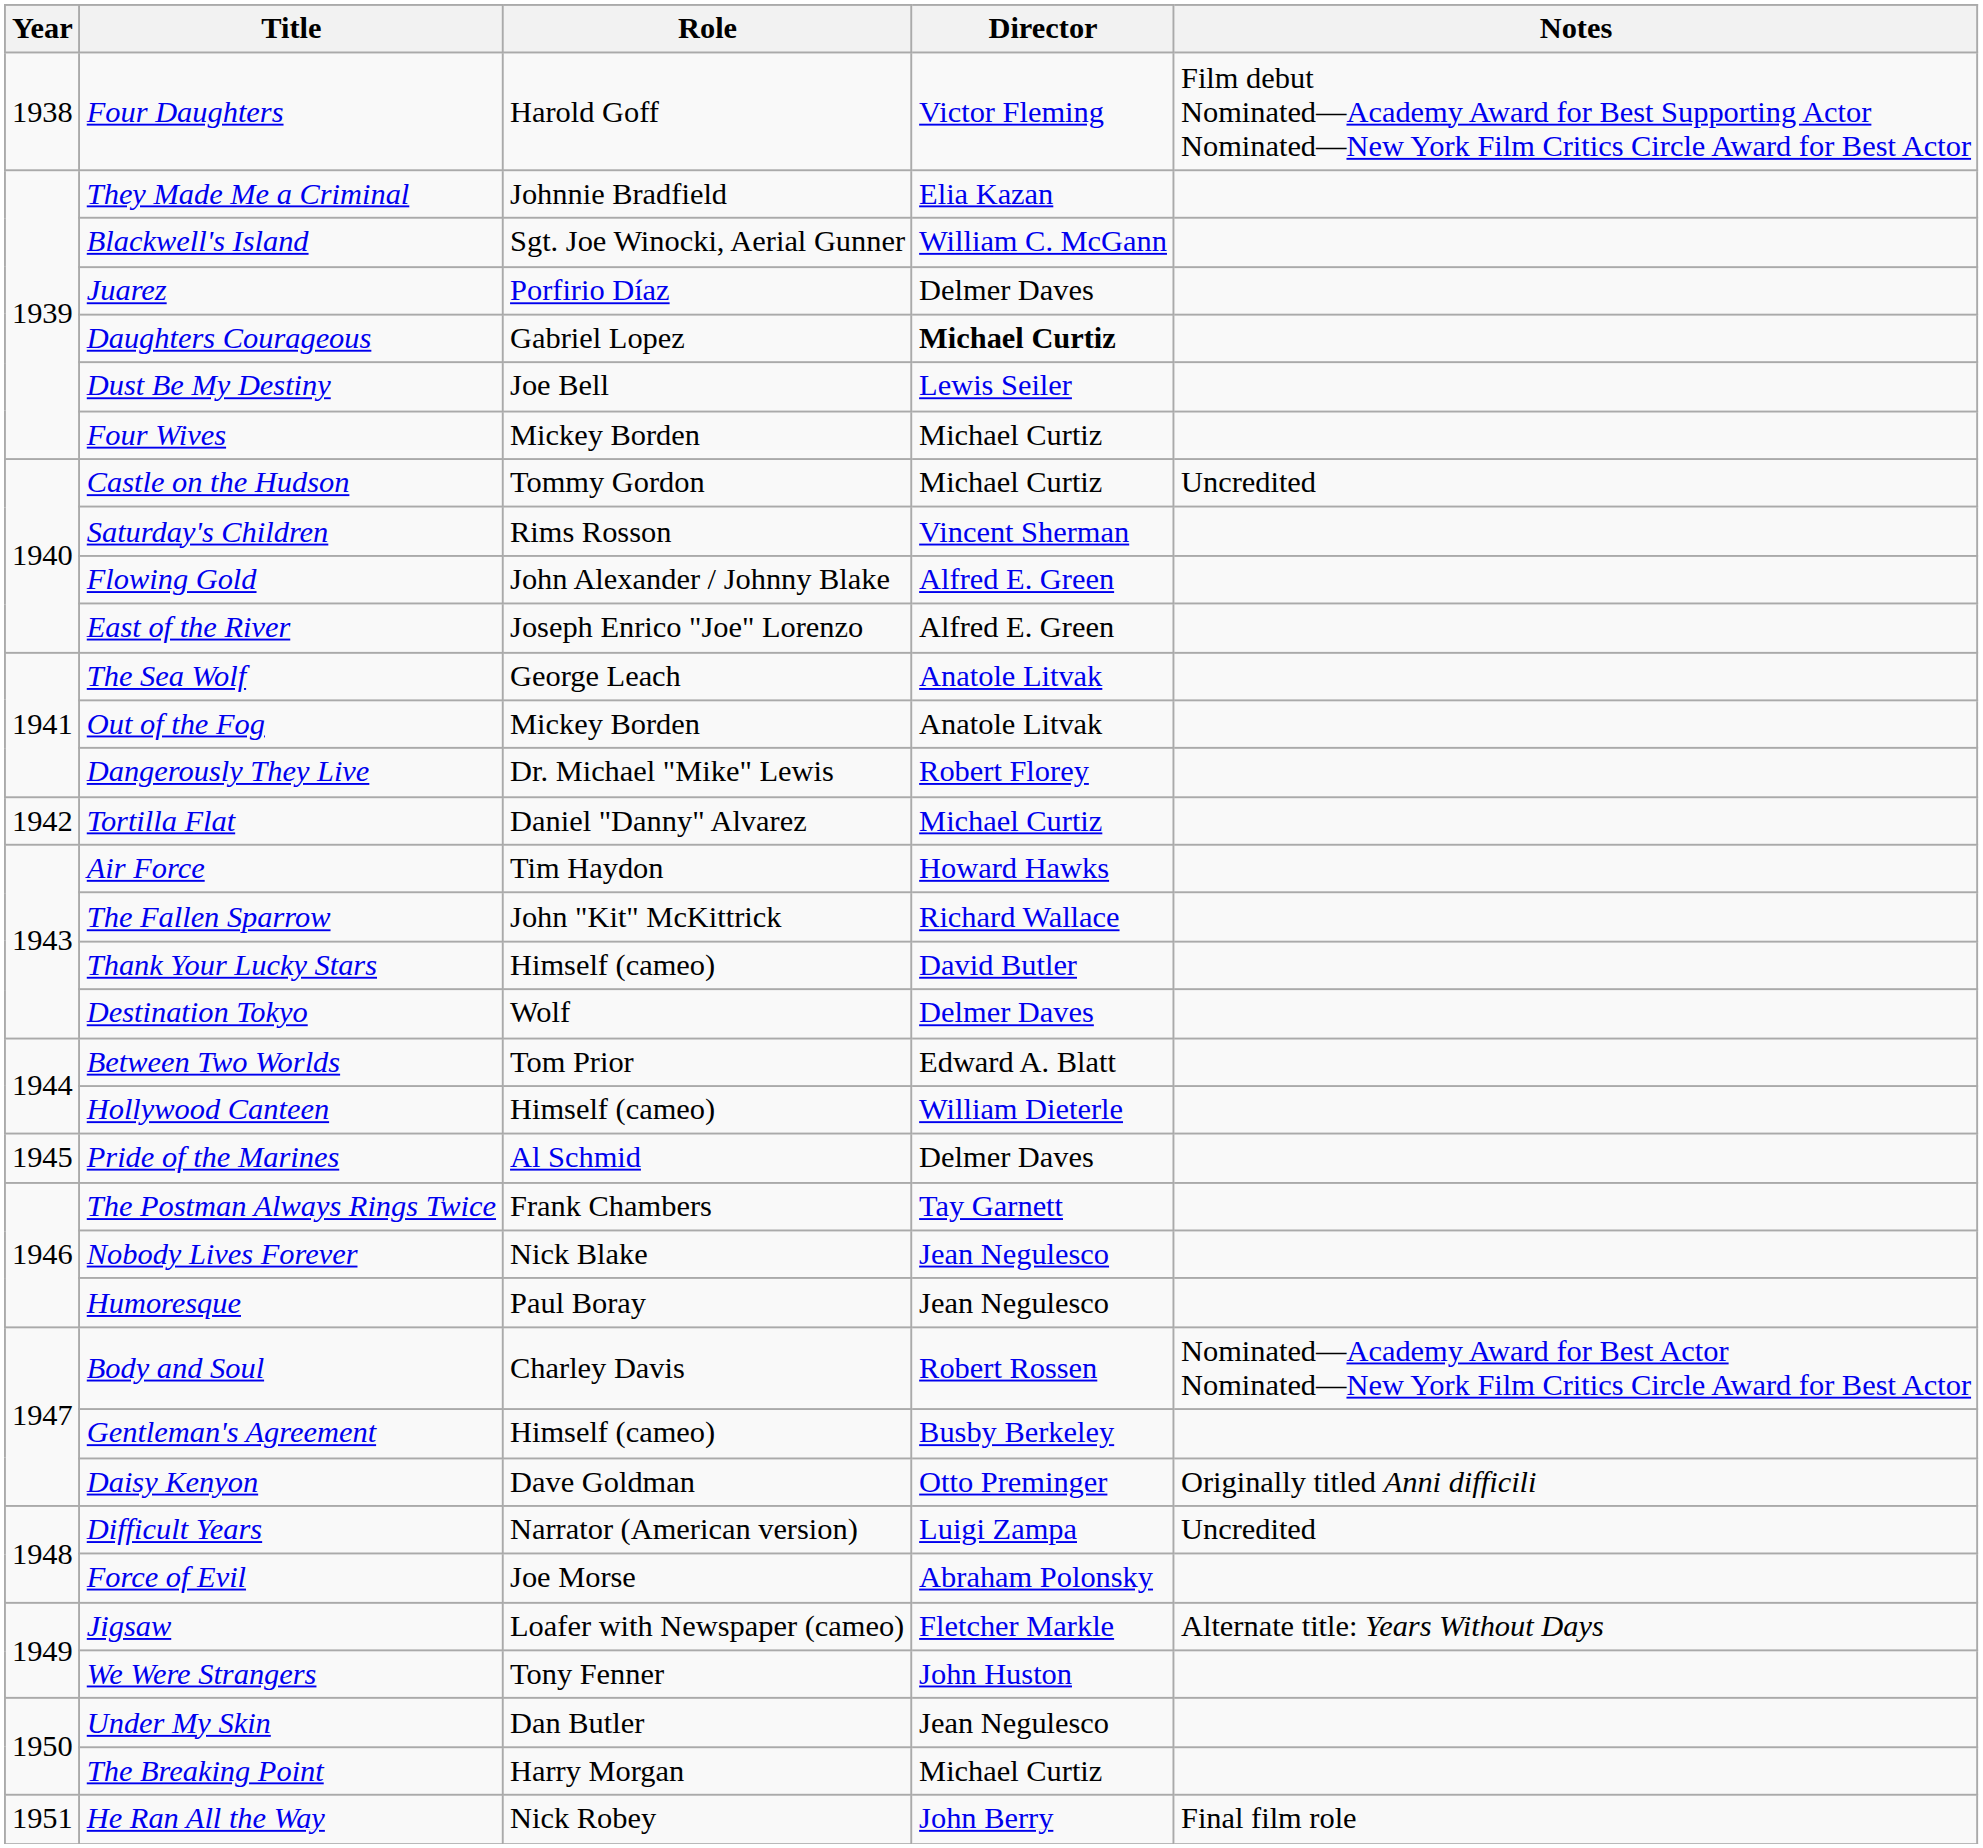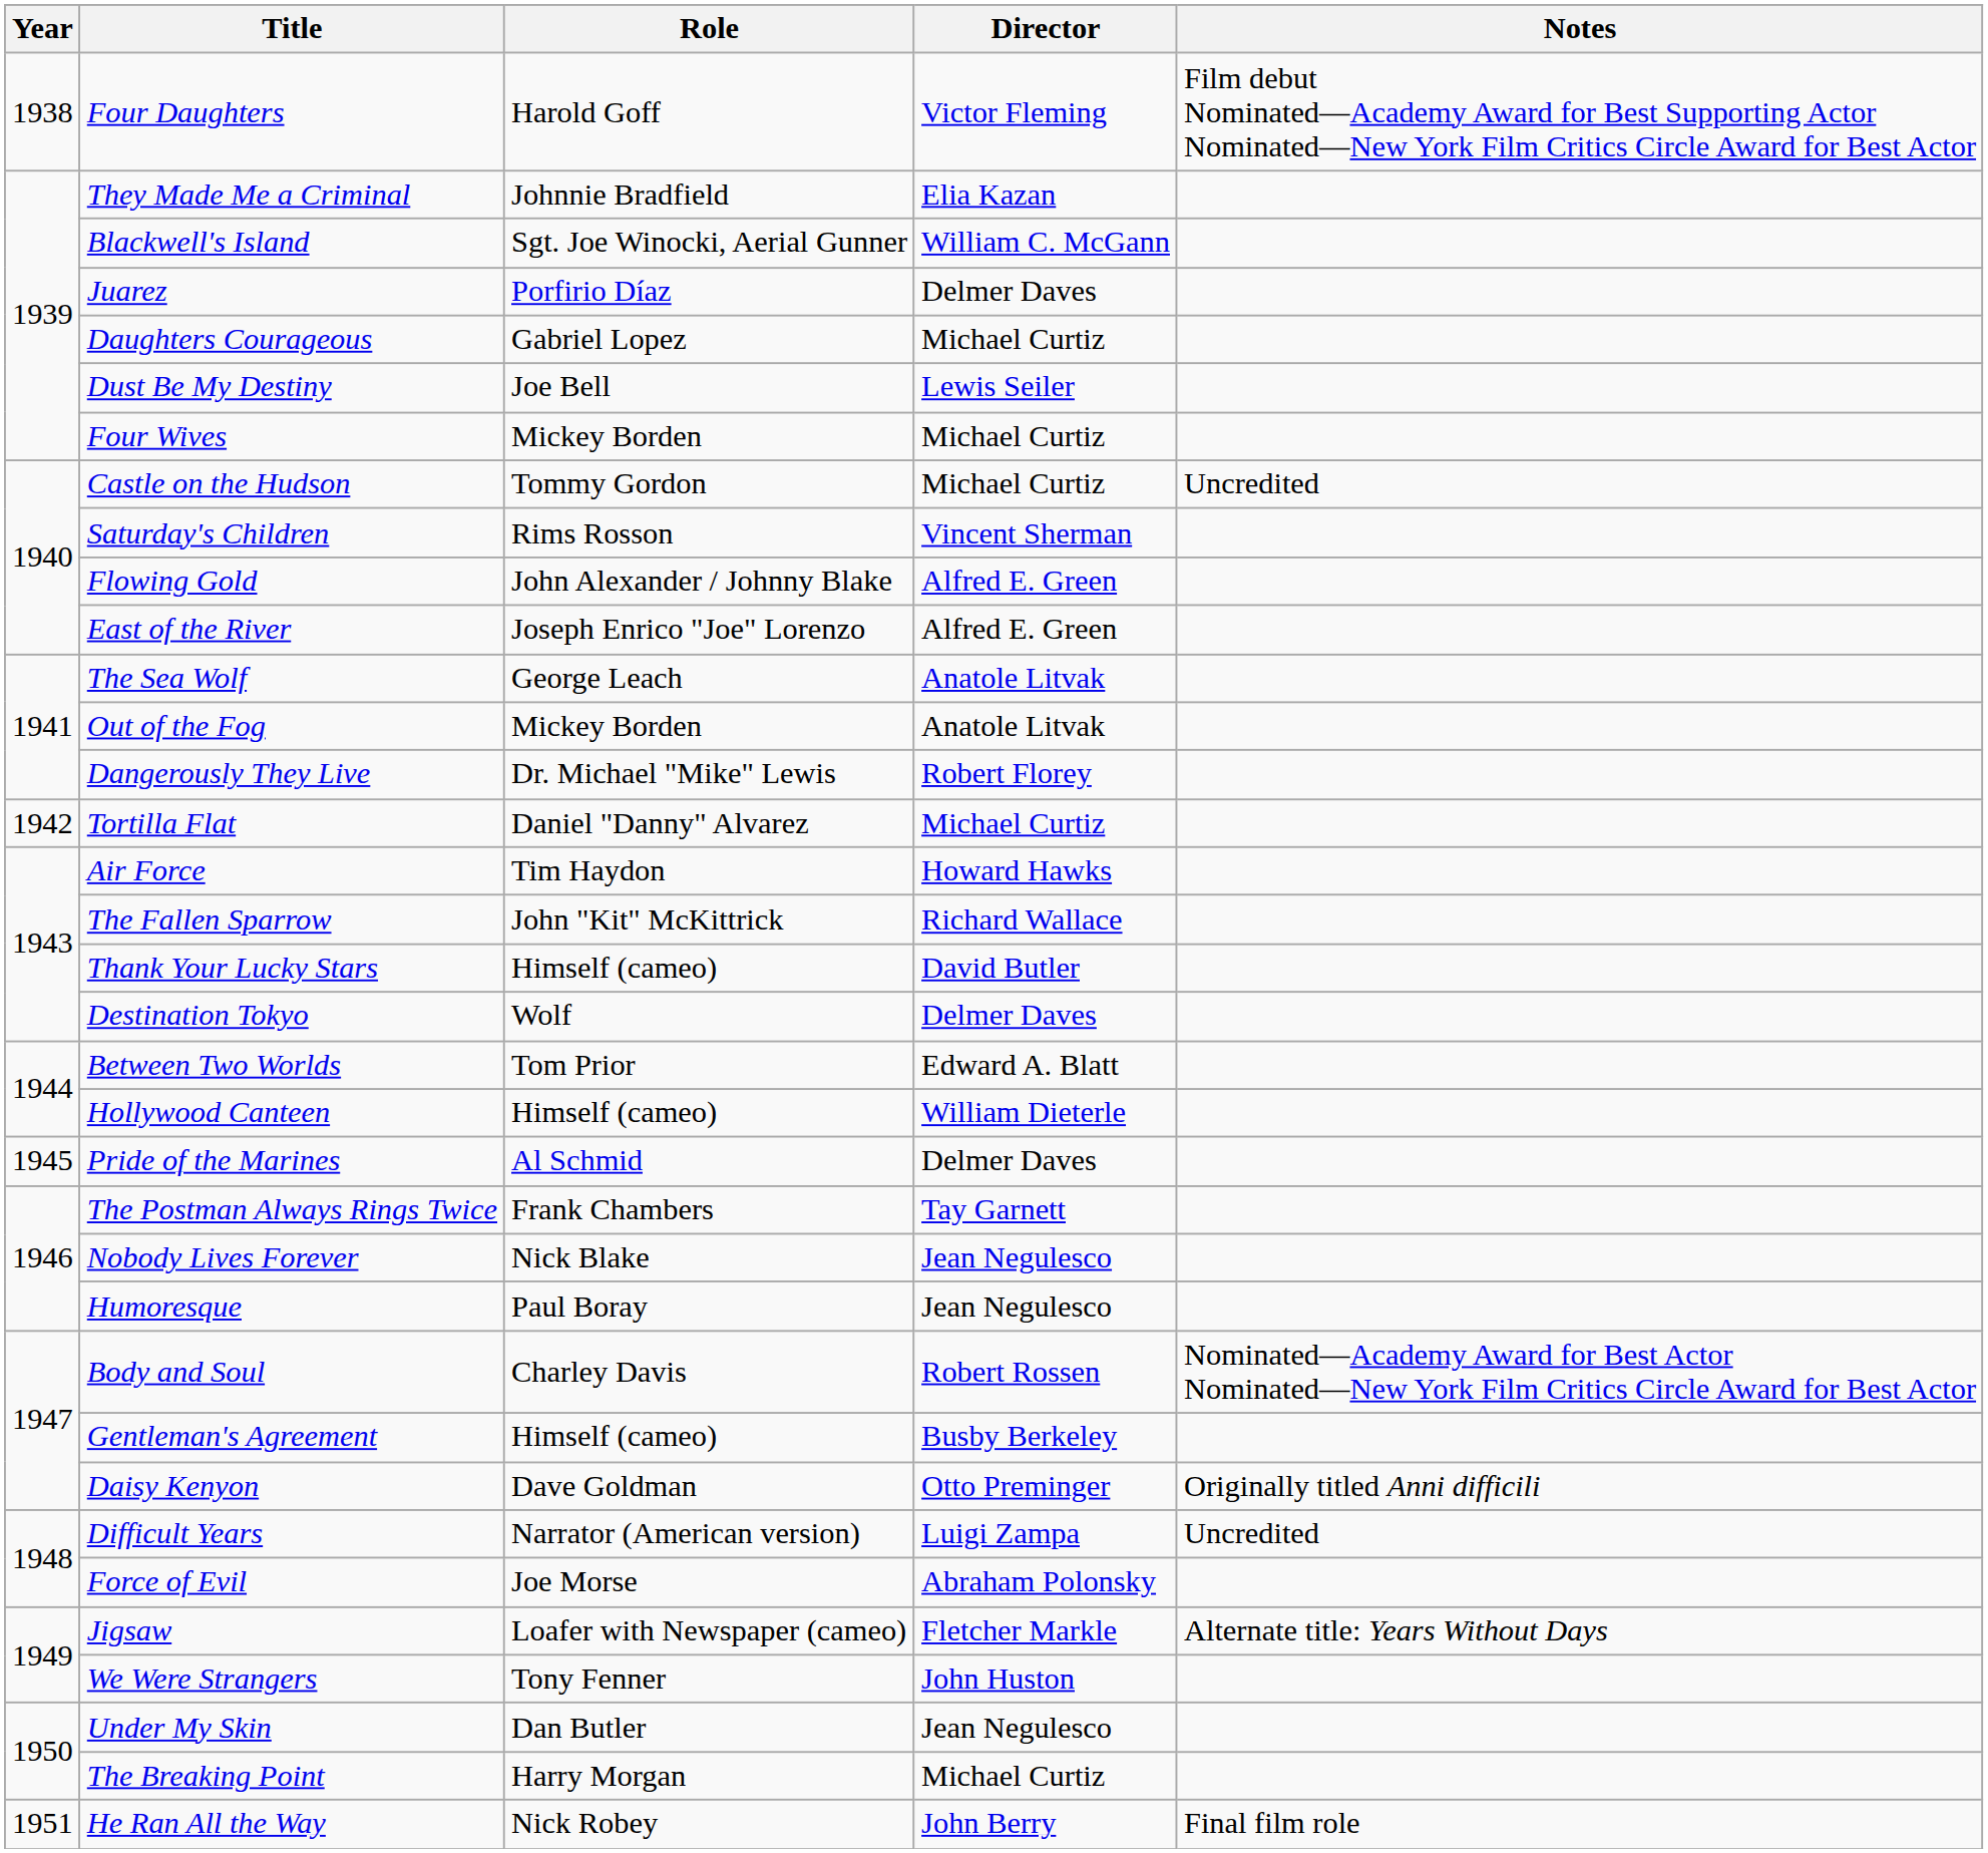 <table class="wikitable">
 <tr>
 <th>Year</th>
 <th>Title</th>
 <th>Role</th>
 <th>Director</th>
 <th>Notes</th>
 </tr>
 <tr>
 <td>1938</td>
 <td><em><a href='#'>Four Daughters</a></em></td>
 <td>Harold Goff</td>
 <td><a href='#'>Victor Fleming</a></td>
 <td>Film debut <br> Nominated—<a href='#'>Academy Award for Best Supporting Actor</a> <br> Nominated—<a href='#'>New York Film Critics Circle Award for Best Actor</a></td>
 </tr>
 <tr>
 <td rowspan="6">1939</td>
 <td><em><a href='#'>They Made Me a Criminal</a></em></td>
 <td>Johnnie Bradfield</td>
 <td><a href='#'>Elia Kazan</a></td>
 <td></td>
 </tr>
 <tr>
 <td><em><a href='#'>Blackwell's Island</a></em></td>
 <td>Sgt. Joe Winocki, Aerial Gunner</td>
 <td><a href='#'>William C. McGann</a></td>
 <td></td>
 </tr>
 <tr>
 <td><em><a href='#'>Juarez</a></em></td>
 <td><a href='#'>Porfirio Díaz</a></td>
 <td>Delmer Daves</td>
 <td></td>
 </tr>
 <tr>
 <td><em><a href='#'>Daughters Courageous</a></em></td>
 <td>Gabriel Lopez</td>
-<td><strong>Michael Curtiz</strong></td>
+<td>Michael Curtiz</td>
 <td></td>
 </tr>
 <tr>
 <td><em><a href='#'>Dust Be My Destiny</a></em></td>
 <td>Joe Bell</td>
 <td><a href='#'>Lewis Seiler</a></td>
 <td></td>
 </tr>
 <tr>
 <td><em><a href='#'>Four Wives</a></em></td>
 <td>Mickey Borden</td>
 <td>Michael Curtiz</td>
 <td></td>
 </tr>
 <tr>
 <td rowspan="4">1940</td>
 <td><em><a href='#'>Castle on the Hudson</a></em></td>
 <td>Tommy Gordon</td>
 <td>Michael Curtiz</td>
 <td>Uncredited</td>
 </tr>
 <tr>
 <td><em><a href='#'>Saturday's Children</a></em></td>
 <td>Rims Rosson</td>
 <td><a href='#'>Vincent Sherman</a></td>
 <td></td>
 </tr>
 <tr>
 <td><em><a href='#'>Flowing Gold</a></em></td>
 <td>John Alexander / Johnny Blake</td>
 <td><a href='#'>Alfred E. Green</a></td>
 <td></td>
 </tr>
 <tr>
 <td><em><a href='#'>East of the River</a></em></td>
 <td>Joseph Enrico "Joe" Lorenzo</td>
 <td>Alfred E. Green</td>
 <td></td>
 </tr>
 <tr>
 <td rowspan="3">1941</td>
 <td><em><a href='#'>The Sea Wolf</a></em></td>
 <td>George Leach</td>
 <td><a href='#'>Anatole Litvak</a></td>
 <td></td>
 </tr>
 <tr>
 <td><em><a href='#'>Out of the Fog</a></em></td>
 <td>Mickey Borden</td>
 <td>Anatole Litvak</td>
 <td></td>
 </tr>
 <tr>
 <td><em><a href='#'>Dangerously They Live</a></em></td>
 <td>Dr. Michael "Mike" Lewis</td>
 <td><a href='#'>Robert Florey</a></td>
 <td></td>
 </tr>
 <tr>
 <td>1942</td>
 <td><em><a href='#'>Tortilla Flat</a></em></td>
 <td>Daniel "Danny" Alvarez</td>
 <td><a href='#'>Michael Curtiz</a></td>
 <td></td>
 </tr>
 <tr>
 <td rowspan="4">1943</td>
 <td><em><a href='#'>Air Force</a></em></td>
 <td>Tim Haydon</td>
 <td><a href='#'>Howard Hawks</a></td>
 <td></td>
 </tr>
 <tr>
 <td><em><a href='#'>The Fallen Sparrow</a></em></td>
 <td>John "Kit" McKittrick</td>
 <td><a href='#'>Richard Wallace</a></td>
 <td></td>
 </tr>
 <tr>
 <td><em><a href='#'>Thank Your Lucky Stars</a></em></td>
 <td>Himself (cameo)</td>
 <td><a href='#'>David Butler</a></td>
 <td></td>
 </tr>
 <tr>
 <td><em><a href='#'>Destination Tokyo</a></em></td>
 <td>Wolf</td>
 <td><a href='#'>Delmer Daves</a></td>
 <td></td>
 </tr>
 <tr>
 <td rowspan="2">1944</td>
 <td><em><a href='#'>Between Two Worlds</a></em></td>
 <td>Tom Prior</td>
 <td>Edward A. Blatt</td>
 <td></td>
 </tr>
 <tr>
 <td><em><a href='#'>Hollywood Canteen</a></em></td>
 <td>Himself (cameo)</td>
 <td><a href='#'>William Dieterle</a></td>
 <td></td>
 </tr>
 <tr>
 <td>1945</td>
 <td><em><a href='#'>Pride of the Marines</a></em></td>
 <td><a href='#'>Al Schmid</a></td>
 <td>Delmer Daves</td>
 <td></td>
 </tr>
 <tr>
 <td rowspan="3">1946</td>
 <td><em><a href='#'>The Postman Always Rings Twice</a></em></td>
 <td>Frank Chambers</td>
 <td><a href='#'>Tay Garnett</a></td>
 <td></td>
 </tr>
 <tr>
 <td><em><a href='#'>Nobody Lives Forever</a></em></td>
 <td>Nick Blake</td>
 <td><a href='#'>Jean Negulesco</a></td>
 <td></td>
 </tr>
 <tr>
 <td><em><a href='#'>Humoresque</a></em></td>
 <td>Paul Boray</td>
 <td>Jean Negulesco</td>
 <td></td>
 </tr>
 <tr>
 <td rowspan="3">1947</td>
 <td><em><a href='#'>Body and Soul</a></em></td>
 <td>Charley Davis</td>
 <td><a href='#'>Robert Rossen</a></td>
 <td>Nominated—<a href='#'>Academy Award for Best Actor</a> <br> Nominated—<a href='#'>New York Film Critics Circle Award for Best Actor</a></td>
 </tr>
 <tr>
 <td><em><a href='#'>Gentleman's Agreement</a></em></td>
 <td>Himself (cameo)</td>
 <td><a href='#'>Busby Berkeley</a></td>
 <td></td>
 </tr>
 <tr>
 <td><em><a href='#'>Daisy Kenyon</a></em></td>
 <td>Dave Goldman</td>
 <td><a href='#'>Otto Preminger</a></td>
 <td>Originally titled <em>Anni difficili</em></td>
 </tr>
 <tr>
 <td rowspan="2">1948</td>
 <td><em><a href='#'>Difficult Years</a></em></td>
 <td>Narrator (American version)</td>
 <td><a href='#'>Luigi Zampa</a></td>
 <td>Uncredited</td>
 </tr>
 <tr>
 <td><em><a href='#'>Force of Evil</a></em></td>
 <td>Joe Morse</td>
 <td><a href='#'>Abraham Polonsky</a></td>
 <td></td>
 </tr>
 <tr>
 <td rowspan="2">1949</td>
 <td><em><a href='#'>Jigsaw</a></em></td>
 <td>Loafer with Newspaper (cameo)</td>
 <td><a href='#'>Fletcher Markle</a></td>
 <td>Alternate title: <em>Years Without Days</em></td>
 </tr>
 <tr>
 <td><em><a href='#'>We Were Strangers</a></em></td>
 <td>Tony Fenner</td>
 <td><a href='#'>John Huston</a></td>
 <td></td>
 </tr>
 <tr>
 <td rowspan="2">1950</td>
 <td><em><a href='#'>Under My Skin</a></em></td>
 <td>Dan Butler</td>
 <td>Jean Negulesco</td>
 <td></td>
 </tr>
 <tr>
 <td><em><a href='#'>The Breaking Point</a></em></td>
 <td>Harry Morgan</td>
 <td>Michael Curtiz</td>
 <td></td>
 </tr>
 <tr>
 <td>1951</td>
 <td><em><a href='#'>He Ran All the Way</a></em></td>
 <td>Nick Robey</td>
 <td><a href='#'>John Berry</a></td>
 <td>Final film role</td>
 </tr>
 </table>
